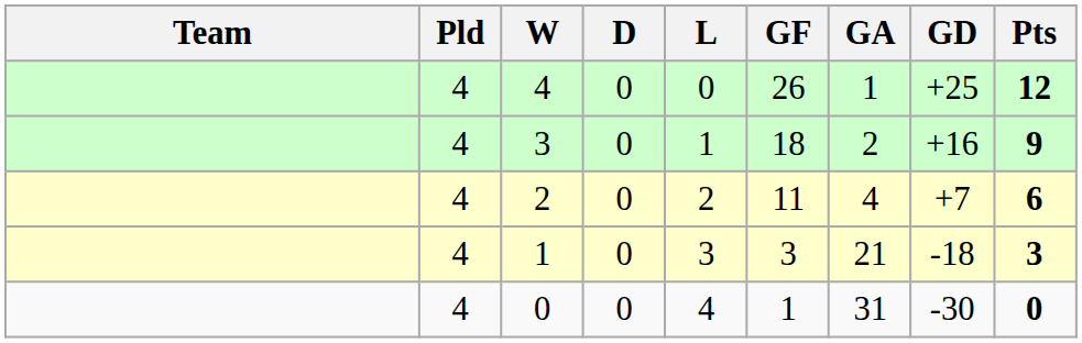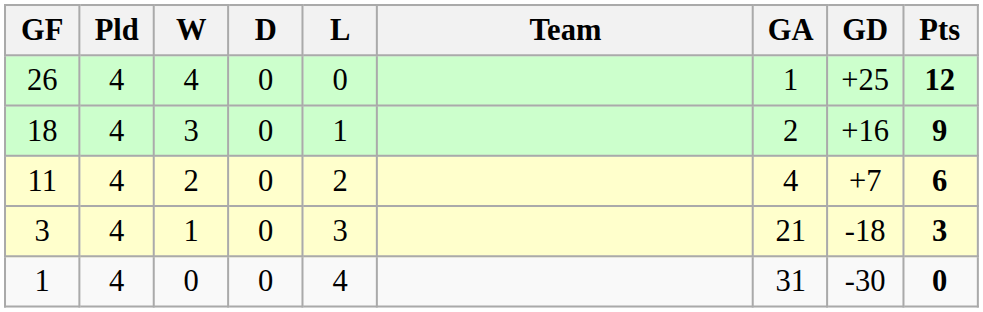 <table class=wikitable style="text-align:center;font-size:95%">
 <tr>
-<th width="180">Team</th>
+<th width="30">GF</th>
 <th width="30">Pld</th>
 <th width="30">W</th>
 <th width="30">D</th>
 <th width="30">L</th>
-<th width="30">GF</th>
+<th width="180">Team</th>
 <th width="30">GA</th>
 <th width="30">GD</th>
 <th width="30">Pts</th>
 </tr>
 <tr bgcolor=ccffcc>
-<td align=left></td>
+<td>26</td>
 <td>4</td>
 <td>4</td>
 <td>0</td>
 <td>0</td>
-<td>26</td>
+<td align=left></td>
 <td>1</td>
 <td>+25</td>
 <td><strong>12</strong></td>
 </tr>
 <tr bgcolor=ccffcc>
-<td align=left></td>
+<td>18</td>
 <td>4</td>
 <td>3</td>
 <td>0</td>
 <td>1</td>
-<td>18</td>
+<td align=left></td>
 <td>2</td>
 <td>+16</td>
 <td><strong>9</strong></td>
 </tr>
 <tr bgcolor="#ffffcc">
-<td align=left></td>
+<td>11</td>
 <td>4</td>
 <td>2</td>
 <td>0</td>
 <td>2</td>
-<td>11</td>
+<td align=left></td>
 <td>4</td>
 <td>+7</td>
 <td><strong>6</strong></td>
 </tr>
 <tr bgcolor="#ffffcc">
-<td align=left></td>
+<td>3</td>
 <td>4</td>
 <td>1</td>
 <td>0</td>
 <td>3</td>
-<td>3</td>
+<td align=left></td>
 <td>21</td>
 <td>-18</td>
 <td><strong>3</strong></td>
 </tr>
 <tr>
-<td align=left></td>
+<td>1</td>
 <td>4</td>
 <td>0</td>
 <td>0</td>
 <td>4</td>
-<td>1</td>
+<td align=left></td>
 <td>31</td>
 <td>-30</td>
 <td><strong>0</strong></td>
 </tr>
 </table>
